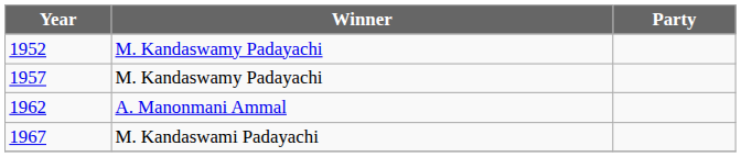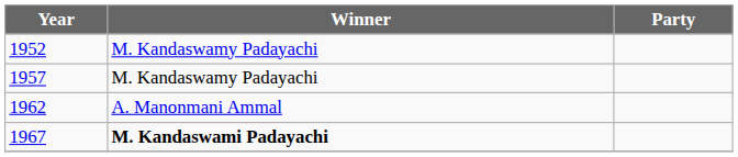 <table class="wikitable" width="50%">
 <tr>
 <th style="background-color:#666666; color:white">Year</th>
 <th style="background-color:#666666; color:white">Winner</th>
 <th style="background-color:#666666; color:white" colspan="2">Party</th>
 </tr>
 <tr>
 <td><a href='#'>1952</a></td>
 <td><a href='#'>M. Kandaswamy Padayachi</a></td>
 <td></td>
 </tr>
 <tr>
 <td><a href='#'>1957</a></td>
 <td>M. Kandaswamy Padayachi</td>
 <td></td>
 </tr>
 <tr>
 <td><a href='#'>1962</a></td>
 <td><a href='#'>A. Manonmani Ammal</a></td>
 <td></td>
 </tr>
 <tr>
 <td><a href='#'>1967</a></td>
-<td>M. Kandaswami Padayachi</td>
+<td><strong>M. Kandaswami Padayachi</strong></td>
 <td></td>
 </tr>
 <tr>
 </tr>
 </table>
